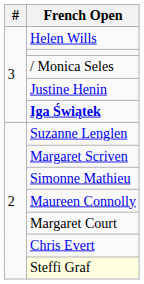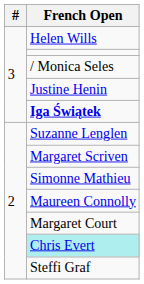 <table class="wikitable">
 <tr>
 <th style="width:18px;">#</th>
 <th>French Open</th>
 </tr>
 <tr>
 <td rowspan="5">3</td>
 <td> <a href='#'>Helen Wills</a></td>
 </tr>
 <tr>
 <td></td>
 </tr>
 <tr>
 <td>/ Monica Seles</td>
 </tr>
 <tr>
 <td> <a href='#'>Justine Henin</a></td>
 </tr>
 <tr>
 <td> <strong><a href='#'>Iga Świątek</a></strong></td>
 </tr>
 <tr>
 <td rowspan="7">2</td>
 <td> <a href='#'>Suzanne Lenglen</a></td>
 </tr>
 <tr>
 <td> <a href='#'>Margaret Scriven</a></td>
 </tr>
 <tr>
 <td> <a href='#'>Simonne Mathieu</a></td>
 </tr>
 <tr>
 <td> <a href='#'>Maureen Connolly</a></td>
 </tr>
 <tr>
 <td> Margaret Court</td>
 </tr>
 <tr>
-<td> <a href='#'>Chris Evert</a></td>
+<td style="background: paleturquoise;"> <a href='#'>Chris Evert</a></td>
 </tr>
 <tr>
-<td style="background: lightyellow;"> Steffi Graf</td>
+<td> Steffi Graf</td>
 </tr>
 </table>
